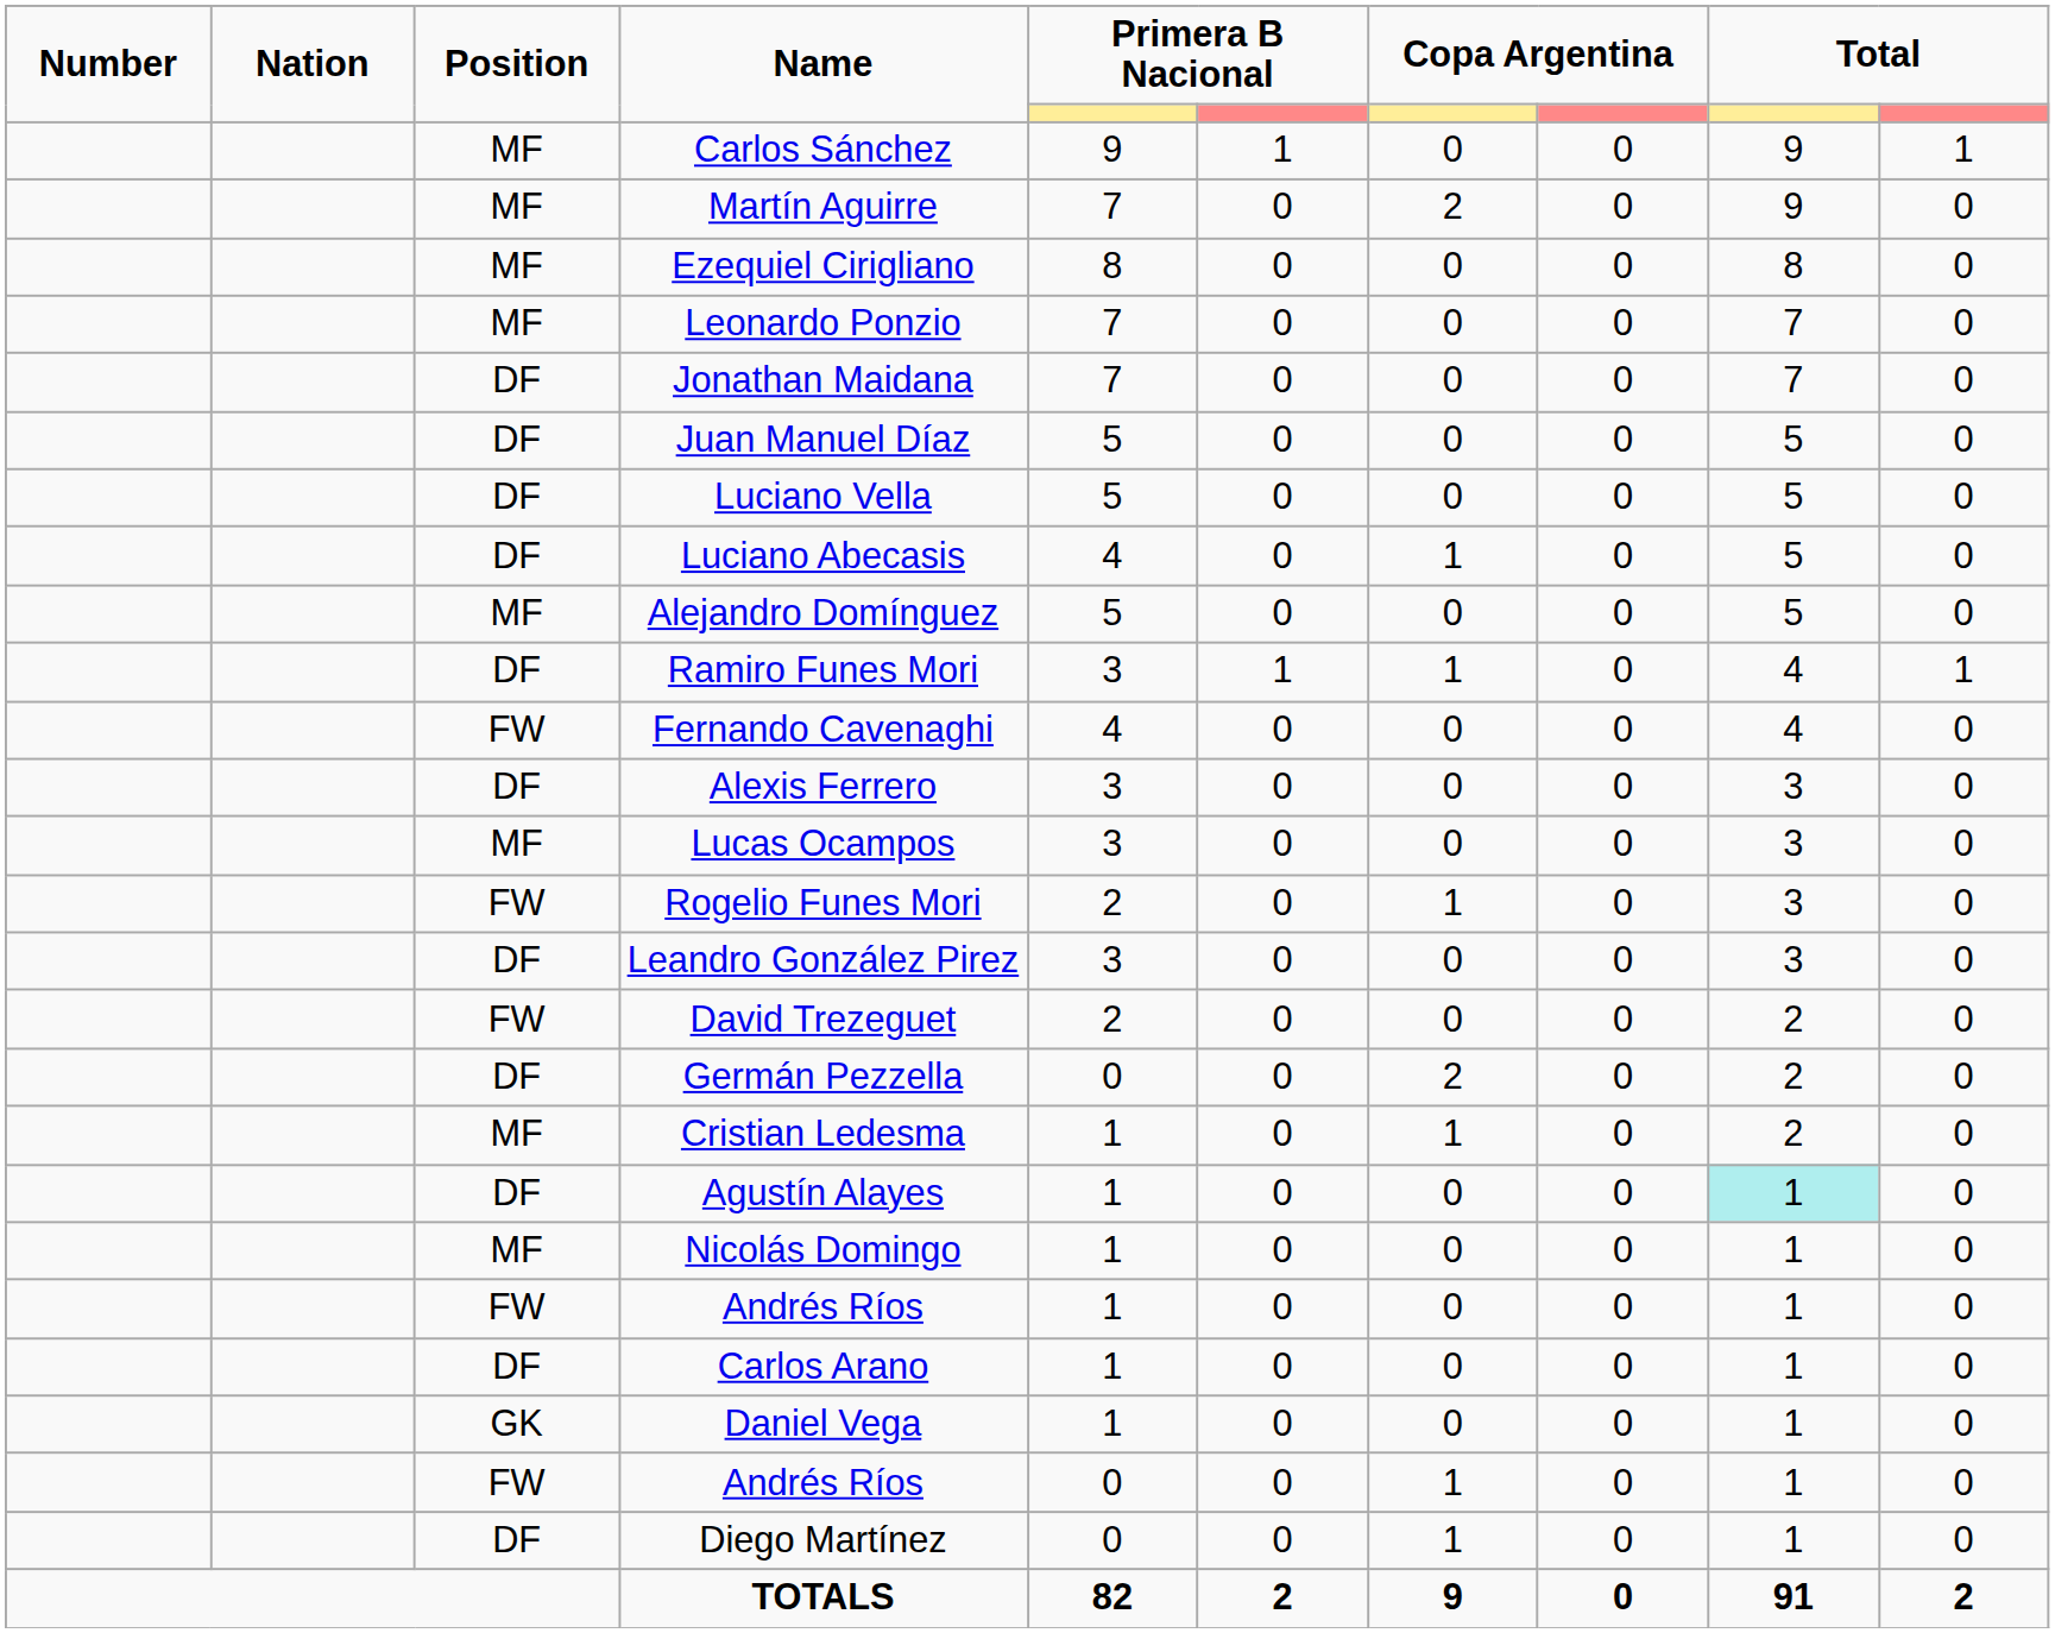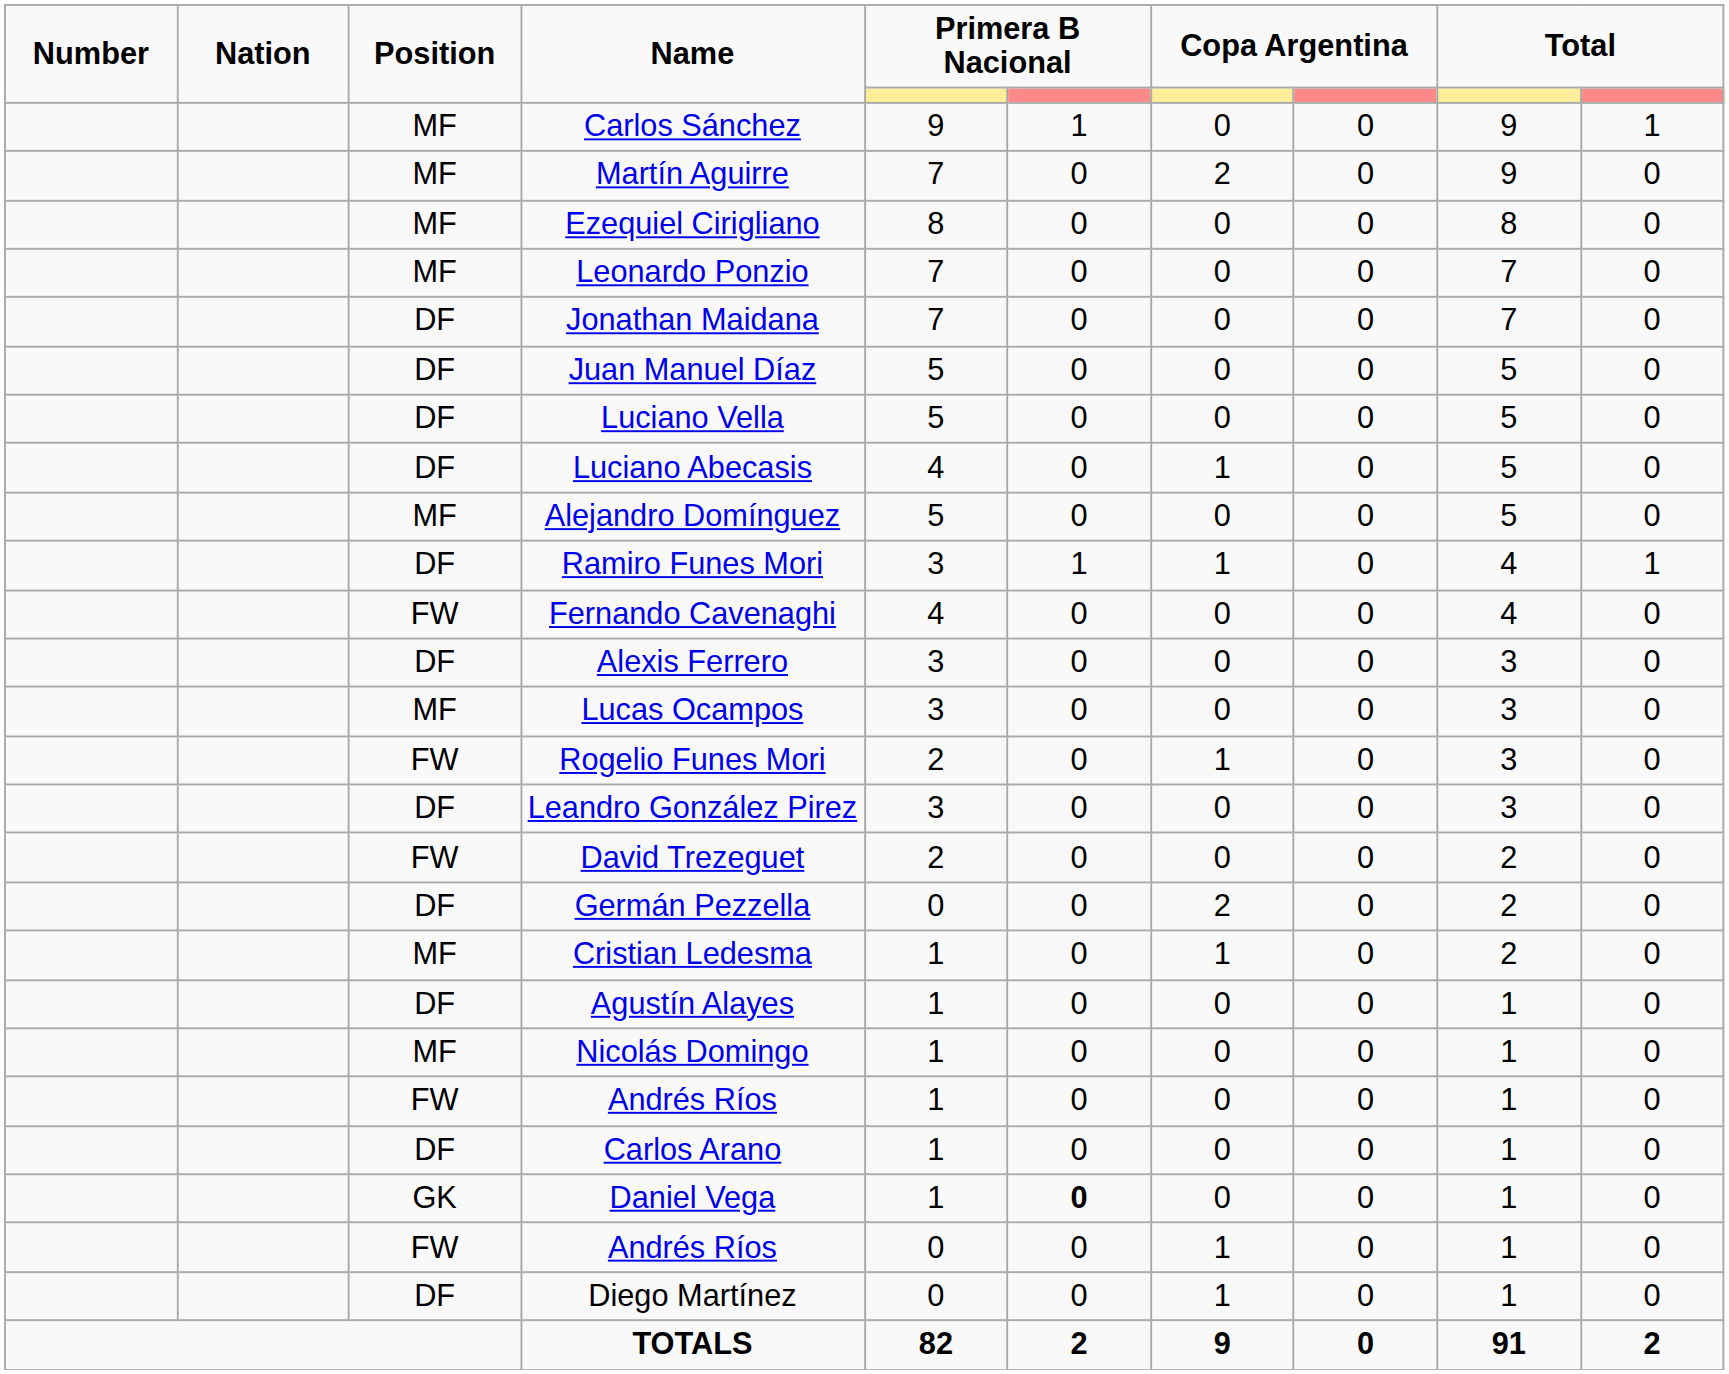 <table class="wikitable" style="font-size: 100%; text-align: center;">
 <tr>
 <td rowspan="2" width="10%" align="center"><strong>Number</strong></td>
 <td rowspan="2" width="10%" align="center"><strong>Nation</strong></td>
 <td rowspan="2" width="10%" align="center"><strong>Position</strong></td>
 <td rowspan="2" width="20%" align="center"><strong>Name</strong></td>
 <td colspan="2" align="center"><strong>Primera B Nacional</strong></td>
 <td colspan="2" align="center"><strong>Copa Argentina</strong></td>
 <td colspan="2" align="center"><strong>Total</strong></td>
 </tr>
 <tr>
 <th width=60 style="background: #FFEE99"></th>
 <th width=60 style="background: #FF8888"></th>
 <th width=60 style="background: #FFEE99"></th>
 <th width=60 style="background: #FF8888"></th>
 <th width=60 style="background: #FFEE99"></th>
 <th width=60 style="background: #FF8888"></th>
 </tr>
 <tr>
 <td></td>
 <td></td>
 <td>MF</td>
 <td><a href='#'>Carlos Sánchez</a></td>
 <td>9</td>
 <td>1</td>
 <td>0</td>
 <td>0</td>
 <td>9</td>
 <td>1</td>
 </tr>
 <tr>
 <td></td>
 <td></td>
 <td>MF</td>
 <td><a href='#'>Martín Aguirre</a></td>
 <td>7</td>
 <td>0</td>
 <td>2</td>
 <td>0</td>
 <td>9</td>
 <td>0</td>
 </tr>
 <tr>
 <td></td>
 <td></td>
 <td>MF</td>
 <td><a href='#'>Ezequiel Cirigliano</a></td>
 <td>8</td>
 <td>0</td>
 <td>0</td>
 <td>0</td>
 <td>8</td>
 <td>0</td>
 </tr>
 <tr>
 <td></td>
 <td></td>
 <td>MF</td>
 <td><a href='#'>Leonardo Ponzio</a></td>
 <td>7</td>
 <td>0</td>
 <td>0</td>
 <td>0</td>
 <td>7</td>
 <td>0</td>
 </tr>
 <tr>
 <td></td>
 <td></td>
 <td>DF</td>
 <td><a href='#'>Jonathan Maidana</a></td>
 <td>7</td>
 <td>0</td>
 <td>0</td>
 <td>0</td>
 <td>7</td>
 <td>0</td>
 </tr>
 <tr>
 <td></td>
 <td></td>
 <td>DF</td>
 <td><a href='#'>Juan Manuel Díaz</a></td>
 <td>5</td>
 <td>0</td>
 <td>0</td>
 <td>0</td>
 <td>5</td>
 <td>0</td>
 </tr>
 <tr>
 <td></td>
 <td></td>
 <td>DF</td>
 <td><a href='#'>Luciano Vella</a></td>
 <td>5</td>
 <td>0</td>
 <td>0</td>
 <td>0</td>
 <td>5</td>
 <td>0</td>
 </tr>
 <tr>
 <td></td>
 <td></td>
 <td>DF</td>
 <td><a href='#'>Luciano Abecasis</a></td>
 <td>4</td>
 <td>0</td>
 <td>1</td>
 <td>0</td>
 <td>5</td>
 <td>0</td>
 </tr>
 <tr>
 <td></td>
 <td></td>
 <td>MF</td>
 <td><a href='#'>Alejandro Domínguez</a></td>
 <td>5</td>
 <td>0</td>
 <td>0</td>
 <td>0</td>
 <td>5</td>
 <td>0</td>
 </tr>
 <tr>
 <td></td>
 <td></td>
 <td>DF</td>
 <td><a href='#'>Ramiro Funes Mori</a></td>
 <td>3</td>
 <td>1</td>
 <td>1</td>
 <td>0</td>
 <td>4</td>
 <td>1</td>
 </tr>
 <tr>
 <td></td>
 <td></td>
 <td>FW</td>
 <td><a href='#'>Fernando Cavenaghi</a></td>
 <td>4</td>
 <td>0</td>
 <td>0</td>
 <td>0</td>
 <td>4</td>
 <td>0</td>
 </tr>
 <tr>
 <td></td>
 <td></td>
 <td>DF</td>
 <td><a href='#'>Alexis Ferrero</a></td>
 <td>3</td>
 <td>0</td>
 <td>0</td>
 <td>0</td>
 <td>3</td>
 <td>0</td>
 </tr>
 <tr>
 <td></td>
 <td></td>
 <td>MF</td>
 <td><a href='#'>Lucas Ocampos</a></td>
 <td>3</td>
 <td>0</td>
 <td>0</td>
 <td>0</td>
 <td>3</td>
 <td>0</td>
 </tr>
 <tr>
 <td></td>
 <td></td>
 <td>FW</td>
 <td><a href='#'>Rogelio Funes Mori</a></td>
 <td>2</td>
 <td>0</td>
 <td>1</td>
 <td>0</td>
 <td>3</td>
 <td>0</td>
 </tr>
 <tr>
 <td></td>
 <td></td>
 <td>DF</td>
 <td><a href='#'>Leandro González Pirez</a></td>
 <td>3</td>
 <td>0</td>
 <td>0</td>
 <td>0</td>
 <td>3</td>
 <td>0</td>
 </tr>
 <tr>
 <td></td>
 <td></td>
 <td>FW</td>
 <td><a href='#'>David Trezeguet</a></td>
 <td>2</td>
 <td>0</td>
 <td>0</td>
 <td>0</td>
 <td>2</td>
 <td>0</td>
 </tr>
 <tr>
 <td></td>
 <td></td>
 <td>DF</td>
 <td><a href='#'>Germán Pezzella</a></td>
 <td>0</td>
 <td>0</td>
 <td>2</td>
 <td>0</td>
 <td>2</td>
 <td>0</td>
 </tr>
 <tr>
 <td></td>
 <td></td>
 <td>MF</td>
 <td><a href='#'>Cristian Ledesma</a></td>
 <td>1</td>
 <td>0</td>
 <td>1</td>
 <td>0</td>
 <td>2</td>
 <td>0</td>
 </tr>
 <tr>
 <td></td>
 <td></td>
 <td>DF</td>
 <td><a href='#'>Agustín Alayes</a></td>
 <td>1</td>
 <td>0</td>
 <td>0</td>
 <td>0</td>
-<td style="background: paleturquoise;">1</td>
+<td>1</td>
 <td>0</td>
 </tr>
 <tr>
 <td></td>
 <td></td>
 <td>MF</td>
 <td><a href='#'>Nicolás Domingo</a></td>
 <td>1</td>
 <td>0</td>
 <td>0</td>
 <td>0</td>
 <td>1</td>
 <td>0</td>
 </tr>
 <tr>
 <td></td>
 <td></td>
 <td>FW</td>
 <td><a href='#'>Andrés Ríos</a></td>
 <td>1</td>
 <td>0</td>
 <td>0</td>
 <td>0</td>
 <td>1</td>
 <td>0</td>
 </tr>
 <tr>
 <td></td>
 <td></td>
 <td>DF</td>
 <td><a href='#'>Carlos Arano</a></td>
 <td>1</td>
 <td>0</td>
 <td>0</td>
 <td>0</td>
 <td>1</td>
 <td>0</td>
 </tr>
 <tr>
 <td></td>
 <td></td>
 <td>GK</td>
 <td><a href='#'>Daniel Vega</a></td>
 <td>1</td>
-<td>0</td>
+<td><strong>0</strong></td>
 <td>0</td>
 <td>0</td>
 <td>1</td>
 <td>0</td>
 </tr>
 <tr>
 <td></td>
 <td></td>
 <td>FW</td>
 <td><a href='#'>Andrés Ríos</a></td>
 <td>0</td>
 <td>0</td>
 <td>1</td>
 <td>0</td>
 <td>1</td>
 <td>0</td>
 </tr>
 <tr>
 <td></td>
 <td></td>
 <td>DF</td>
 <td>Diego Martínez</td>
 <td>0</td>
 <td>0</td>
 <td>1</td>
 <td>0</td>
 <td>1</td>
 <td>0</td>
 </tr>
 <tr>
 <td colspan="3"></td>
 <td><strong>TOTALS</strong></td>
 <td><strong>82</strong></td>
 <td><strong>2</strong></td>
 <td><strong>9</strong></td>
 <td><strong>0</strong></td>
 <td><strong>91</strong></td>
 <td><strong>2</strong></td>
 </tr>
 </table>
